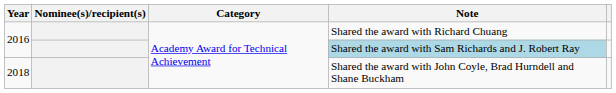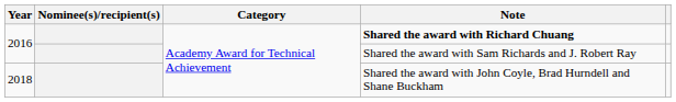 <table class="wikitable plainrowheaders sortable">
 <tr>
 <th scope="col">Year </th>
 <th scope="col">Nominee(s)/recipient(s)</th>
 <th scope="col">Category</th>
 <th scope="col">Note</th>
 <th scope="col" class="unsortable"></th>
 </tr>
 <tr>
 <td rowspan="2">2016</td>
 <th scope="row"></th>
 <td rowspan="3"><a href='#'>Academy Award for Technical Achievement</a></td>
-<td>Shared the award with Richard Chuang</td>
+<td><strong>Shared the award with Richard Chuang</strong></td>
 <td style="text-align:center;"></td>
 </tr>
 <tr>
 <th scope="row"></th>
-<td style="background: lightblue;">Shared the award with Sam Richards and J. Robert Ray</td>
+<td>Shared the award with Sam Richards and J. Robert Ray</td>
 <td style="text-align:center;"></td>
 </tr>
 <tr>
 <td>2018</td>
 <th scope="row"></th>
 <td>Shared the award with John Coyle, Brad Hurndell and Shane Buckham</td>
 <td style="text-align:center;"></td>
 </tr>
 </table>
